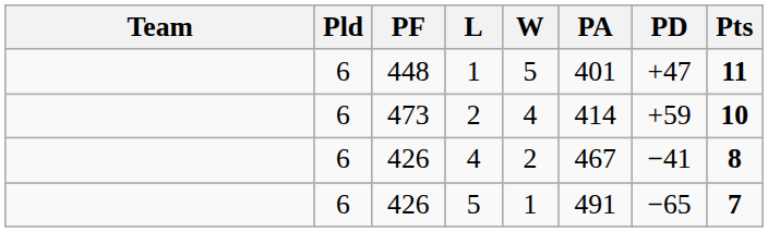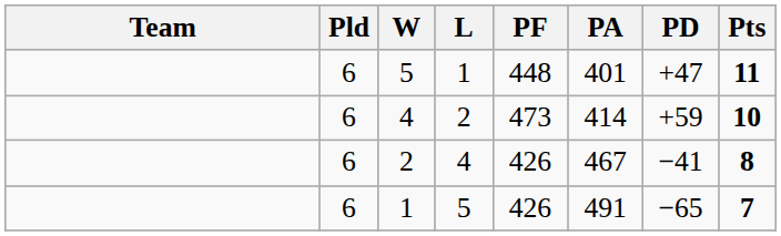 <table class="wikitable" style="text-align:center;">
 <tr>
 <th width=170>Team</th>
 <th width=25>Pld</th>
+<th width=25>W</th>
+<th width=25>L</th>
 <th width=35>PF</th>
-<th width=25>L</th>
-<th width=25>W</th>
 <th width=35>PA</th>
 <th width=35>PD</th>
 <th width=25>Pts</th>
 </tr>
 <tr>
 <td align="left"></td>
 <td>6</td>
+<td>5</td>
+<td>1</td>
 <td>448</td>
-<td>1</td>
-<td>5</td>
 <td>401</td>
 <td>+47</td>
 <td><strong>11</strong></td>
 </tr>
 <tr>
 <td align="left"></td>
 <td>6</td>
+<td>4</td>
+<td>2</td>
 <td>473</td>
-<td>2</td>
-<td>4</td>
 <td>414</td>
 <td>+59</td>
 <td><strong>10</strong></td>
 </tr>
 <tr>
 <td align="left"></td>
 <td>6</td>
+<td>2</td>
+<td>4</td>
 <td>426</td>
-<td>4</td>
-<td>2</td>
 <td>467</td>
 <td>−41</td>
 <td><strong>8</strong></td>
 </tr>
 <tr>
 <td align="left"></td>
 <td>6</td>
+<td>1</td>
+<td>5</td>
 <td>426</td>
-<td>5</td>
-<td>1</td>
 <td>491</td>
 <td>−65</td>
 <td><strong>7</strong></td>
 </tr>
 </table>
